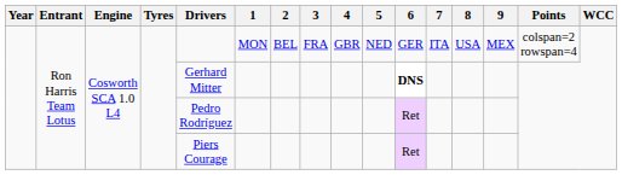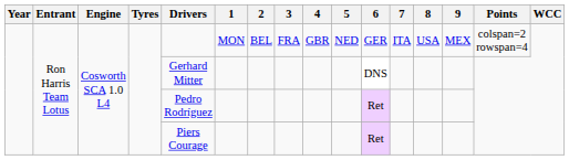 <table class="wikitable" style="text-align:center; font-size:95%">
 <tr>
 <th>Year</th>
 <th>Entrant</th>
 <th>Engine</th>
 <th>Tyres</th>
 <th>Drivers</th>
 <th>1</th>
 <th>2</th>
 <th>3</th>
 <th>4</th>
 <th>5</th>
 <th>6</th>
 <th>7</th>
 <th>8</th>
 <th>9</th>
 <th>Points</th>
 <th>WCC</th>
 </tr>
 <tr>
 <td rowspan=4></td>
 <td rowspan=4>Ron Harris <a href='#'>Team Lotus</a></td>
 <td rowspan=4><a href='#'>Cosworth SCA</a> 1.0 <a href='#'>L4</a></td>
 <td rowspan=4></td>
 <td></td>
 <td><a href='#'>MON</a></td>
 <td><a href='#'>BEL</a></td>
 <td><a href='#'>FRA</a></td>
 <td><a href='#'>GBR</a></td>
 <td><a href='#'>NED</a></td>
 <td><a href='#'>GER</a></td>
 <td><a href='#'>ITA</a></td>
 <td><a href='#'>USA</a></td>
 <td><a href='#'>MEX</a></td>
 <td>colspan=2 rowspan=4 </td>
 </tr>
 <tr>
 <td><a href='#'>Gerhard Mitter</a></td>
 <td></td>
 <td></td>
 <td></td>
 <td></td>
 <td></td>
-<td style="background:#FFFFFF;"><strong>DNS</strong></td>
+<td style="background:#FFFFFF;">DNS</td>
 <td></td>
 <td></td>
 <td></td>
 </tr>
 <tr>
 <td><a href='#'>Pedro Rodríguez</a></td>
 <td></td>
 <td></td>
 <td></td>
 <td></td>
 <td></td>
 <td style="background:#EFCFFF;">Ret</td>
 <td></td>
 <td></td>
 <td></td>
 </tr>
 <tr>
 <td><a href='#'>Piers Courage</a></td>
 <td></td>
 <td></td>
 <td></td>
 <td></td>
 <td></td>
 <td style="background:#EFCFFF;">Ret</td>
 <td></td>
 <td></td>
 <td></td>
 </tr>
 </table>
